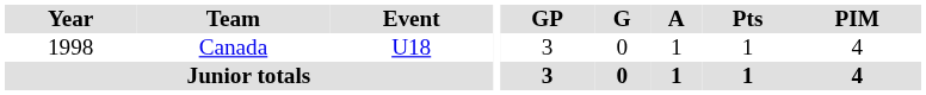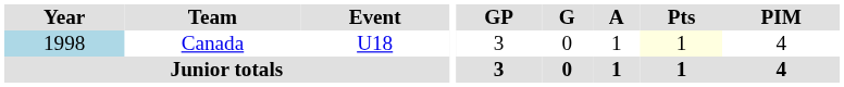 <table border="0" cellpadding="1" cellspacing="0" ID="Table3" style="text-align:center; width:40em">
 <tr ALIGN="center" bgcolor="#e0e0e0">
 <th>Year</th>
 <th>Team</th>
 <th>Event</th>
 <th rowspan="99" bgcolor="#ffffff"></th>
 <th>GP</th>
 <th>G</th>
 <th>A</th>
 <th>Pts</th>
 <th>PIM</th>
 </tr>
 <tr>
-<td>1998</td>
+<td style="background: lightblue;">1998</td>
 <td><a href='#'>Canada</a></td>
 <td><a href='#'>U18</a></td>
 <td>3</td>
 <td>0</td>
 <td>1</td>
-<td>1</td>
+<td style="background: lightyellow;">1</td>
 <td>4</td>
 </tr>
 <tr bgcolor="#e0e0e0">
 <th colspan="3">Junior totals</th>
 <th>3</th>
 <th>0</th>
 <th>1</th>
 <th>1</th>
 <th>4</th>
 </tr>
 </table>
